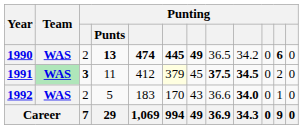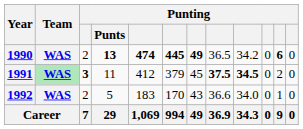 <table class=wikitable style="text-align:center;">
 <tr>
 <th rowspan="2">Year</th>
 <th rowspan="2">Team</th>
 <th colspan="10">Punting</th>
 </tr>
 <tr>
 <th></th>
 <th>Punts</th>
 <th></th>
 <th></th>
 <th></th>
 <th></th>
 <th></th>
 <th></th>
 <th></th>
 <th></th>
 </tr>
 <tr>
 <th><a href='#'>1990</a></th>
 <th><a href='#'>WAS</a></th>
 <td>2</td>
 <td><strong>13</strong></td>
 <td><strong>474</strong></td>
 <td><strong>445</strong></td>
 <td><strong>49</strong></td>
 <td>36.5</td>
 <td>34.2</td>
 <td>0</td>
 <td><strong>6</strong></td>
 <td>0</td>
 </tr>
 <tr>
 <th><a href='#'>1991</a></th>
 <th style="background:#afe6ba; width:3em;"><a href='#'>WAS</a></th>
 <td><strong>3</strong></td>
 <td>11</td>
 <td>412</td>
-<td style="background: lightyellow;">379</td>
+<td>379</td>
 <td>45</td>
 <td><strong>37.5</strong></td>
 <td><strong>34.5</strong></td>
 <td>0</td>
 <td>2</td>
 <td>0</td>
 </tr>
 <tr>
 <th><a href='#'>1992</a></th>
 <th><a href='#'>WAS</a></th>
 <td>2</td>
 <td>5</td>
 <td>183</td>
 <td>170</td>
 <td>43</td>
 <td>36.6</td>
-<td><strong>34.0</strong></td>
+<td>34.0</td>
 <td>0</td>
 <td>1</td>
 <td>0</td>
 </tr>
 <tr>
 <th colspan="2">Career</th>
 <th>7</th>
 <th>29</th>
 <th>1,069</th>
 <th>994</th>
 <th>49</th>
 <th>36.9</th>
 <th>34.3</th>
 <th>0</th>
 <th>9</th>
 <th>0</th>
 </tr>
 </table>
